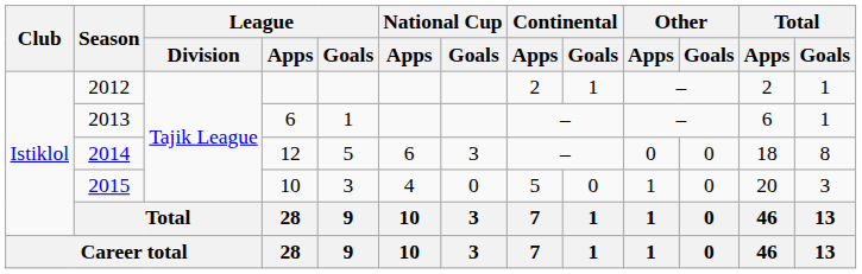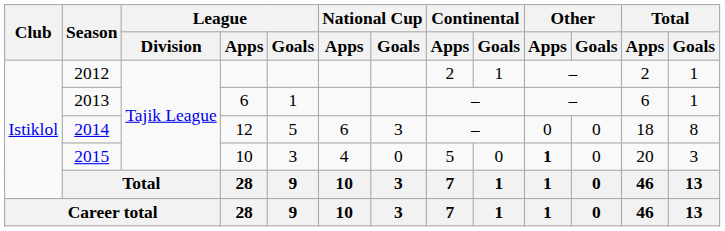 <table class="wikitable" style="text-align: center;">
 <tr>
 <th rowspan="2">Club</th>
 <th rowspan="2">Season</th>
 <th colspan="3">League</th>
 <th colspan="2">National Cup</th>
 <th colspan="2">Continental</th>
 <th colspan="2">Other</th>
 <th colspan="2">Total</th>
 </tr>
 <tr>
 <th>Division</th>
 <th>Apps</th>
 <th>Goals</th>
 <th>Apps</th>
 <th>Goals</th>
 <th>Apps</th>
 <th>Goals</th>
 <th>Apps</th>
 <th>Goals</th>
 <th>Apps</th>
 <th>Goals</th>
 </tr>
 <tr>
 <td rowspan="5" valign="center"><a href='#'>Istiklol</a></td>
 <td>2012</td>
 <td rowspan="4" valign="center"><a href='#'>Tajik League</a></td>
 <td></td>
 <td></td>
 <td></td>
 <td></td>
 <td>2</td>
 <td>1</td>
 <td colspan="2">–</td>
 <td>2</td>
 <td>1</td>
 </tr>
 <tr>
 <td>2013</td>
 <td>6</td>
 <td>1</td>
 <td></td>
 <td></td>
 <td colspan="2">–</td>
 <td colspan="2">–</td>
 <td>6</td>
 <td>1</td>
 </tr>
 <tr>
 <td><a href='#'>2014</a></td>
 <td>12</td>
 <td>5</td>
 <td>6</td>
 <td>3</td>
 <td colspan="2">–</td>
 <td>0</td>
 <td>0</td>
 <td>18</td>
 <td>8</td>
 </tr>
 <tr>
 <td><a href='#'>2015</a></td>
 <td>10</td>
 <td>3</td>
 <td>4</td>
 <td>0</td>
 <td>5</td>
 <td>0</td>
-<td>1</td>
+<td><strong>1</strong></td>
 <td>0</td>
 <td>20</td>
 <td>3</td>
 </tr>
 <tr>
 <th colspan="2">Total</th>
 <th>28</th>
 <th>9</th>
 <th>10</th>
 <th>3</th>
 <th>7</th>
 <th>1</th>
 <th>1</th>
 <th>0</th>
 <th>46</th>
 <th>13</th>
 </tr>
 <tr>
 <th colspan="3">Career total</th>
 <th>28</th>
 <th>9</th>
 <th>10</th>
 <th>3</th>
 <th>7</th>
 <th>1</th>
 <th>1</th>
 <th>0</th>
 <th>46</th>
 <th>13</th>
 </tr>
 </table>
